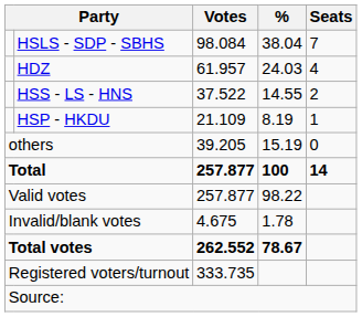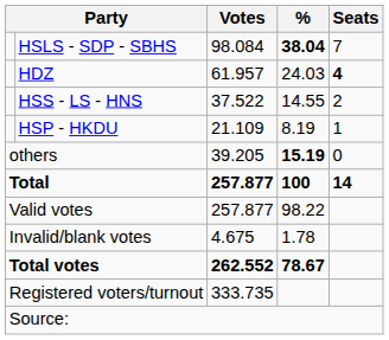 <table class="wikitable" style="text-align: left;">
 <tr>
 <th colspan="2">Party</th>
 <th>Votes</th>
 <th>%</th>
 <th>Seats</th>
 </tr>
 <tr>
 <td style="background-color: "></td>
 <td><a href='#'>HSLS</a> - <a href='#'>SDP</a> - <a href='#'>SBHS</a></td>
 <td>98.084</td>
-<td>38.04</td>
+<td><strong>38.04</strong></td>
 <td>7</td>
 </tr>
 <tr>
 <td style="background-color: "></td>
 <td><a href='#'>HDZ</a></td>
 <td>61.957</td>
 <td>24.03</td>
-<td>4</td>
+<td><strong>4</strong></td>
 </tr>
 <tr>
 <td style="background-color: "></td>
 <td><a href='#'>HSS</a> - <a href='#'>LS</a> - <a href='#'>HNS</a></td>
 <td>37.522</td>
 <td>14.55</td>
 <td>2</td>
 </tr>
 <tr>
 <td style="background-color: "></td>
 <td><a href='#'>HSP</a> - <a href='#'>HKDU</a></td>
 <td>21.109</td>
 <td>8.19</td>
 <td>1</td>
 </tr>
 <tr>
 <td colspan="2">others</td>
 <td>39.205</td>
-<td>15.19</td>
+<td><strong>15.19</strong></td>
 <td>0</td>
 </tr>
 <tr>
 <td colspan="2"><strong>Total</strong></td>
 <td><strong>257.877</strong></td>
 <td><strong>100</strong></td>
 <td><strong>14</strong></td>
 </tr>
 <tr>
 <td colspan="2">Valid votes</td>
 <td>257.877</td>
 <td>98.22</td>
 <td></td>
 </tr>
 <tr>
 <td colspan="2">Invalid/blank votes</td>
 <td>4.675</td>
 <td>1.78</td>
 <td></td>
 </tr>
 <tr>
 <td colspan="2"><strong>Total votes</strong></td>
 <td><strong>262.552</strong></td>
 <td><strong>78.67</strong></td>
 <td></td>
 </tr>
 <tr>
 <td colspan="2">Registered voters/turnout</td>
 <td votes14="5343">333.735</td>
 <td></td>
 <td></td>
 </tr>
 <tr>
 <td colspan="5">Source: </td>
 </tr>
 </table>
